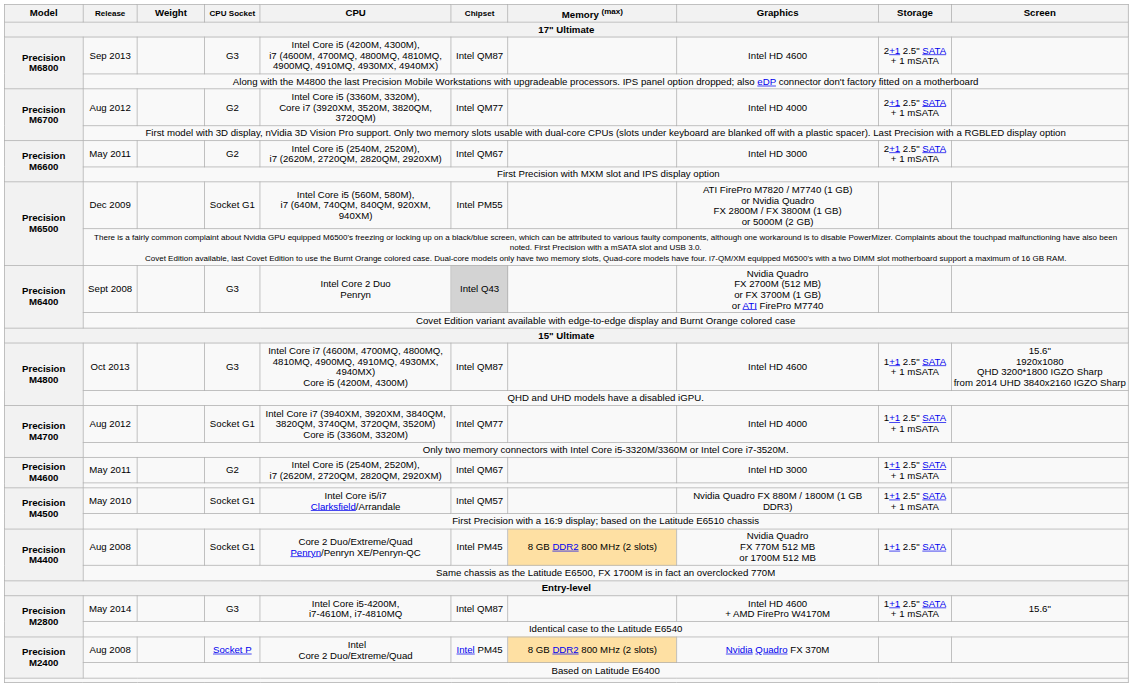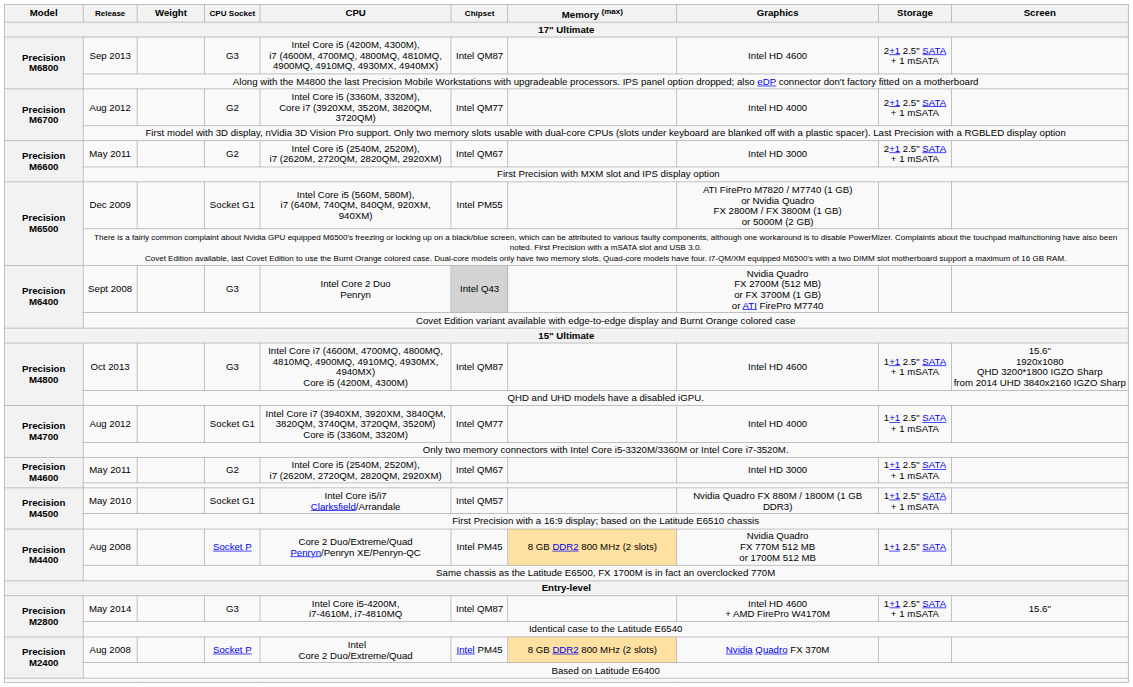 <table class="wikitable" style="font-size: 85%; text-align: center; width: 100%;">
 <tr>
 <th style="width:7%">Model</th>
 <th><small>Release</small></th>
 <th style="width:6%">Weight</th>
 <th><small>CPU Socket</small></th>
 <th style="width:17%">CPU</th>
 <th><small>Chipset</small></th>
 <th style="width:15%">Memory <sup>(max)</sup></th>
 <th>Graphics</th>
 <th>Storage</th>
 <th>Screen</th>
 </tr>
 <tr>
 <th colspan="10">17" Ultimate</th>
 </tr>
 <tr>
 <th rowspan="2">Precision M6800</th>
 <td>Sep 2013</td>
 <td></td>
 <td>G3</td>
 <td style="background:">Intel Core i5 (4200M, 4300M),<br>i7 (4600M, 4700MQ, 4800MQ, 4810MQ, 4900MQ, 4910MQ, 4930MX, 4940MX)</td>
 <td>Intel QM87</td>
 <td></td>
 <td style="background:">Intel HD 4600<br></td>
 <td>2<a href='#'>+1</a> 2.5" <a href='#'>SATA</a><br> + 1 mSATA</td>
 <td></td>
 </tr>
 <tr>
 <td colspan="9">Along with the M4800 the last Precision Mobile Workstations with upgradeable processors. IPS panel option dropped; also <a href='#'>eDP</a> connector don't factory fitted on a motherboard</td>
 </tr>
 <tr>
 <th rowspan="2">Precision M6700</th>
 <td>Aug 2012</td>
 <td></td>
 <td>G2</td>
 <td style="background:">Intel Core i5 (3360M, 3320M),<br>Core i7 (3920XM, 3520M, 3820QM, 3720QM)</td>
 <td>Intel QM77</td>
 <td></td>
 <td style="background:">Intel HD 4000<br></td>
 <td>2<a href='#'>+1</a> 2.5" <a href='#'>SATA</a><br> + 1 mSATA</td>
 <td></td>
 </tr>
 <tr>
 <td colspan="9">First model with 3D display, nVidia 3D Vision Pro support. Only two memory slots usable with dual-core CPUs (slots under keyboard are blanked off with a plastic spacer). Last Precision with a RGBLED display option</td>
 </tr>
 <tr>
 <th rowspan="2">Precision M6600</th>
 <td>May 2011</td>
 <td></td>
 <td>G2</td>
 <td style="background:">Intel Core i5 (2540M, 2520M), <br>i7 (2620M, 2720QM, 2820QM, 2920XM)</td>
 <td>Intel QM67</td>
 <td></td>
 <td style="background:">Intel HD 3000<br></td>
 <td>2<a href='#'>+1</a> 2.5" <a href='#'>SATA</a><br> + 1 mSATA</td>
 <td></td>
 </tr>
 <tr>
 <td colspan="9">  First Precision with MXM slot and IPS display option</td>
 </tr>
 <tr>
 <th rowspan="2">Precision M6500</th>
 <td>Dec 2009</td>
 <td></td>
 <td>Socket G1</td>
 <td style="background:">Intel Core i5 (560M, 580M),<br>i7 (640M, 740QM, 840QM, 920XM, 940XM)</td>
 <td>Intel PM55</td>
 <td></td>
 <td style="background:">ATI FirePro M7820 / M7740 (1 GB)<br>or Nvidia Quadro<br>FX 2800M / FX 3800M (1 GB)<br>or 5000M (2 GB)</td>
 <td></td>
 <td></td>
 </tr>
 <tr>
 <td colspan="9"><small>There is a fairly common complaint about Nvidia GPU equipped M6500's freezing or locking up on a black/blue screen, which can be attributed to various faulty components, although one workaround is to disable PowerMizer. Complaints about the touchpad malfunctioning have also been noted. First Precision with a mSATA slot and USB 3.0.<br> Covet Edition available, last Covet Edition to use the Burnt Orange colored case. Dual-core models only have two memory slots, Quad-core models have four. i7-QM/XM equipped M6500's with a two DIMM slot motherboard support a maximum of 16 GB RAM.</small></td>
 </tr>
 <tr>
 <th rowspan="2">Precision M6400</th>
 <td>Sept 2008</td>
 <td></td>
 <td>G3</td>
 <td style="background:">Intel Core 2 Duo<br>Penryn</td>
 <td style="background: lightgrey;">Intel Q43</td>
 <td></td>
 <td style="background:">Nvidia Quadro<br>FX 2700M (512 MB)<br>or FX 3700M (1 GB)<br>or <a href='#'>ATI</a> FirePro M7740</td>
 <td></td>
 <td></td>
 </tr>
 <tr>
 <td colspan="9">Covet Edition variant available with edge-to-edge display and Burnt Orange colored case</td>
 </tr>
 <tr>
 <th colspan="10">15" Ultimate</th>
 </tr>
 <tr>
 <th rowspan="2">Precision M4800</th>
 <td>Oct 2013</td>
 <td></td>
 <td>G3</td>
 <td style="background:">Intel Core i7 (4600M, 4700MQ, 4800MQ, 4810MQ, 4900MQ, 4910MQ, 4930MX, 4940MX)<br>Core i5 (4200M, 4300M)</td>
 <td>Intel QM87</td>
 <td></td>
 <td style="background:">Intel HD 4600<br></td>
 <td>1<a href='#'>+1</a> 2.5" <a href='#'>SATA</a><br> + 1 mSATA</td>
 <td style="background:">15.6" <br> 1920x1080 <br> QHD 3200*1800 IGZO Sharp <br> from 2014 UHD 3840x2160 IGZO Sharp</td>
 </tr>
 <tr>
 <td colspan="9">QHD and UHD models have a disabled iGPU.</td>
 </tr>
 <tr>
 <th rowspan="2">Precision M4700</th>
 <td>Aug 2012</td>
 <td></td>
 <td>Socket G1</td>
 <td style="background:">Intel Core i7 (3940XM, 3920XM, 3840QM, 3820QM, 3740QM, 3720QM, 3520M) <br>Core i5 (3360M, 3320M)</td>
 <td>Intel QM77</td>
 <td></td>
 <td style="background:">Intel HD 4000<br></td>
 <td>1<a href='#'>+1</a> 2.5" <a href='#'>SATA</a><br> + 1 mSATA</td>
 <td></td>
 </tr>
 <tr>
 <td colspan="9">Only two memory connectors with Intel Core i5-3320M/3360M or Intel Core i7-3520M.</td>
 </tr>
 <tr>
 <th rowspan="2">Precision M4600</th>
 <td>May 2011</td>
 <td></td>
 <td>G2</td>
 <td style="background:">Intel Core i5 (2540M, 2520M), <br>i7 (2620M, 2720QM, 2820QM, 2920XM)</td>
 <td>Intel QM67</td>
 <td></td>
 <td style="background:">Intel HD 3000<br></td>
 <td>1<a href='#'>+1</a> 2.5" <a href='#'>SATA</a><br> + 1 mSATA</td>
 <td></td>
 </tr>
 <tr>
 <td colspan="9"></td>
 </tr>
 <tr>
 <th rowspan="2">Precision M4500</th>
 <td>May 2010</td>
 <td></td>
 <td>Socket G1</td>
 <td style="background:">Intel Core i5/i7 <br><a href='#'>Clarksfield</a>/Arrandale</td>
 <td>Intel QM57</td>
 <td></td>
 <td>Nvidia Quadro FX 880M / 1800M (1 GB DDR3)</td>
 <td>1<a href='#'>+1</a> 2.5" <a href='#'>SATA</a><br> + 1 mSATA</td>
 <td></td>
 </tr>
 <tr>
 <td colspan="9">First Precision with a 16:9 display; based on the Latitude E6510 chassis</td>
 </tr>
 <tr>
 <th rowspan="2">Precision M4400</th>
 <td>Aug 2008</td>
 <td></td>
-<td>Socket G1</td>
+<td><a href='#'>Socket P</a></td>
 <td style="background:">Core 2 Duo/Extreme/Quad<br><a href='#'>Penryn</a>/Penryn XE/Penryn-QC</td>
 <td>Intel PM45</td>
 <td style="background:#fee0a3;">8 GB <a href='#'>DDR2</a> 800 MHz (2 slots)</td>
 <td>Nvidia Quadro<br>FX 770M 512 MB<br>or 1700M 512 MB</td>
 <td>1<a href='#'>+1</a> 2.5" <a href='#'>SATA</a></td>
 <td></td>
 </tr>
 <tr>
 <td colspan="9">Same chassis as the Latitude E6500, FX 1700M is in fact an overclocked 770M</td>
 </tr>
 <tr>
 <th colspan="10">Entry-level</th>
 </tr>
 <tr>
 <th rowspan="2">Precision M2800</th>
 <td>May 2014</td>
 <td></td>
 <td>G3</td>
 <td style="background:">Intel Core i5-4200M, <br>i7-4610M, i7-4810MQ</td>
 <td>Intel QM87</td>
 <td></td>
 <td>Intel HD 4600 <br><span>+ AMD FirePro W4170M</span></td>
 <td>1<a href='#'>+1</a> 2.5" <a href='#'>SATA</a><br> + 1 mSATA</td>
 <td>15.6"</td>
 </tr>
 <tr>
 <td colspan="9">Identical case to the Latitude E6540</td>
 </tr>
 <tr>
 <th rowspan="2">Precision M2400</th>
 <td>Aug 2008</td>
 <td></td>
 <td><a href='#'>Socket P</a></td>
 <td style="background:"> Intel<br>Core 2 Duo/Extreme/Quad</td>
 <td><a href='#'>Intel</a> PM45</td>
 <td style="background:#fee0a3;">8 GB <a href='#'>DDR2</a> 800 MHz (2 slots)</td>
 <td><a href='#'>Nvidia</a> <a href='#'>Quadro</a> FX 370M</td>
 <td></td>
 <td></td>
 </tr>
 <tr>
 <td colspan="9">Based on Latitude E6400</td>
 </tr>
 <tr>
 <td colspan="10"></td>
 </tr>
 </table>
